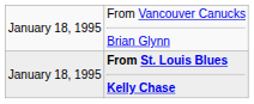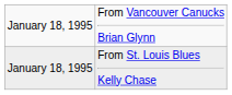 <table class="wikitable">
 <tr>
 <td>January 18, 1995</td>
 <td valign="top">From <a href='#'>Vancouver Canucks</a><hr><a href='#'>Brian Glynn</a></td>
 </tr>
 <tr style="background:#eee;">
 <td>January 18, 1995</td>
-<td valign="top"><strong>From <a href='#'>St. Louis Blues</a><hr><a href='#'>Kelly Chase</a></strong></td>
+<td valign="top">From <a href='#'>St. Louis Blues</a><hr><a href='#'>Kelly Chase</a></td>
 </tr>
 </table>
